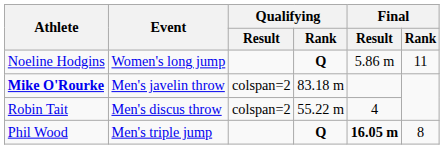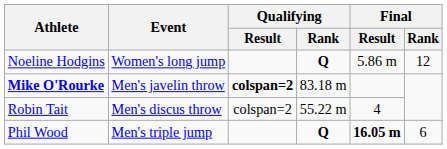 <table class=wikitable style=font-size:90%>
 <tr>
 <th rowspan=2>Athlete</th>
 <th rowspan=2>Event</th>
 <th colspan=2>Qualifying</th>
 <th colspan=2>Final</th>
 </tr>
 <tr style=font-size:95%>
 <th>Result</th>
 <th>Rank</th>
 <th>Result</th>
 <th>Rank</th>
 </tr>
 <tr align=center>
 <td align=left><a href='#'>Noeline Hodgins</a></td>
 <td align=left><a href='#'>Women's long jump</a></td>
 <td></td>
 <td><strong>Q</strong></td>
 <td>5.86 m</td>
-<td>11</td>
+<td>12</td>
 </tr>
 <tr align=center>
 <td align=left><strong><a href='#'>Mike O'Rourke</a></strong></td>
 <td align=left><a href='#'>Men's javelin throw</a></td>
-<td>colspan=2 </td>
+<td><strong>colspan=2 </strong></td>
 <td>83.18 m</td>
 <td></td>
 </tr>
 <tr align=center>
 <td align=left><a href='#'>Robin Tait</a></td>
 <td align=left><a href='#'>Men's discus throw</a></td>
 <td>colspan=2 </td>
 <td>55.22 m</td>
 <td>4</td>
 </tr>
 <tr align=center>
 <td align=left><a href='#'>Phil Wood</a></td>
 <td align=left><a href='#'>Men's triple jump</a></td>
 <td></td>
 <td><strong>Q</strong></td>
 <td><strong>16.05 m</strong></td>
-<td>8</td>
+<td>6</td>
 </tr>
 </table>
